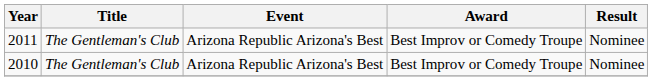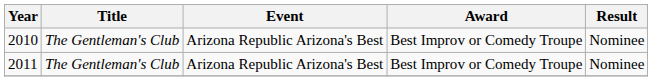 <table class="wikitable sortable">
 <tr>
 <th>Year</th>
 <th>Title</th>
 <th>Event</th>
 <th>Award</th>
 <th>Result</th>
 </tr>
 <tr>
-<td>2011</td>
+<td>2010</td>
 <td><em>The Gentleman's Club</em></td>
 <td>Arizona Republic Arizona's Best</td>
 <td>Best Improv or Comedy Troupe</td>
 <td>Nominee </td>
 </tr>
 <tr>
-<td>2010</td>
+<td>2011</td>
 <td><em>The Gentleman's Club</em></td>
 <td>Arizona Republic Arizona's Best</td>
 <td>Best Improv or Comedy Troupe</td>
 <td>Nominee </td>
 </tr>
 <tr>
 </tr>
 </table>
